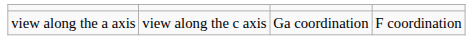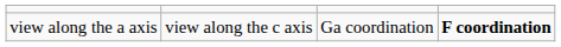 <table class="wikitable" style="margin:1em auto; text-align:center;">
 <tr>
 <td></td>
 <td></td>
 <td></td>
 <td></td>
 </tr>
 <tr>
 <td>view along the a axis</td>
 <td>view along the c axis</td>
 <td>Ga coordination</td>
-<td>F coordination</td>
+<td><strong>F coordination</strong></td>
 </tr>
 </table>
